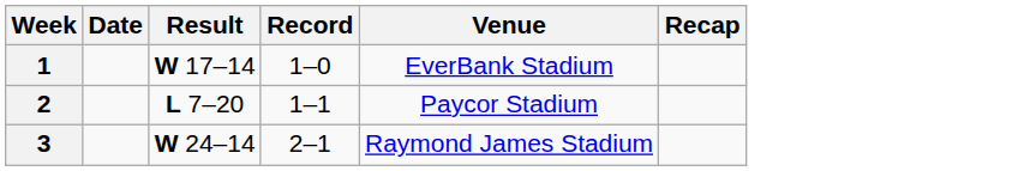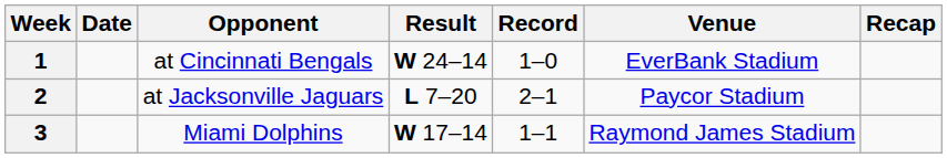 <table class="wikitable" style="text-align:center">
 <tr>
 <th>Week</th>
 <th>Date</th>
+<th>Opponent</th>
 <th>Result</th>
 <th>Record</th>
 <th>Venue</th>
 <th>Recap</th>
 </tr>
 <tr>
 <th>1</th>
 <td></td>
-<td><strong>W</strong> 17–14</td>
+<td>at <a href='#'>Cincinnati Bengals</a></td>
+<td><strong>W</strong> 24–14</td>
 <td>1–0</td>
 <td><a href='#'>EverBank Stadium</a></td>
 <td></td>
 </tr>
 <tr>
 <th>2</th>
 <td></td>
+<td>at <a href='#'>Jacksonville Jaguars</a></td>
 <td><strong>L</strong> 7–20</td>
-<td>1–1</td>
+<td>2–1</td>
 <td><a href='#'>Paycor Stadium</a></td>
 <td></td>
 </tr>
 <tr>
 <th>3</th>
 <td></td>
-<td><strong>W</strong> 24–14</td>
-<td>2–1</td>
+<td><a href='#'>Miami Dolphins</a></td>
+<td><strong>W</strong> 17–14</td>
+<td>1–1</td>
 <td><a href='#'>Raymond James Stadium</a></td>
 <td></td>
 </tr>
 </table>
